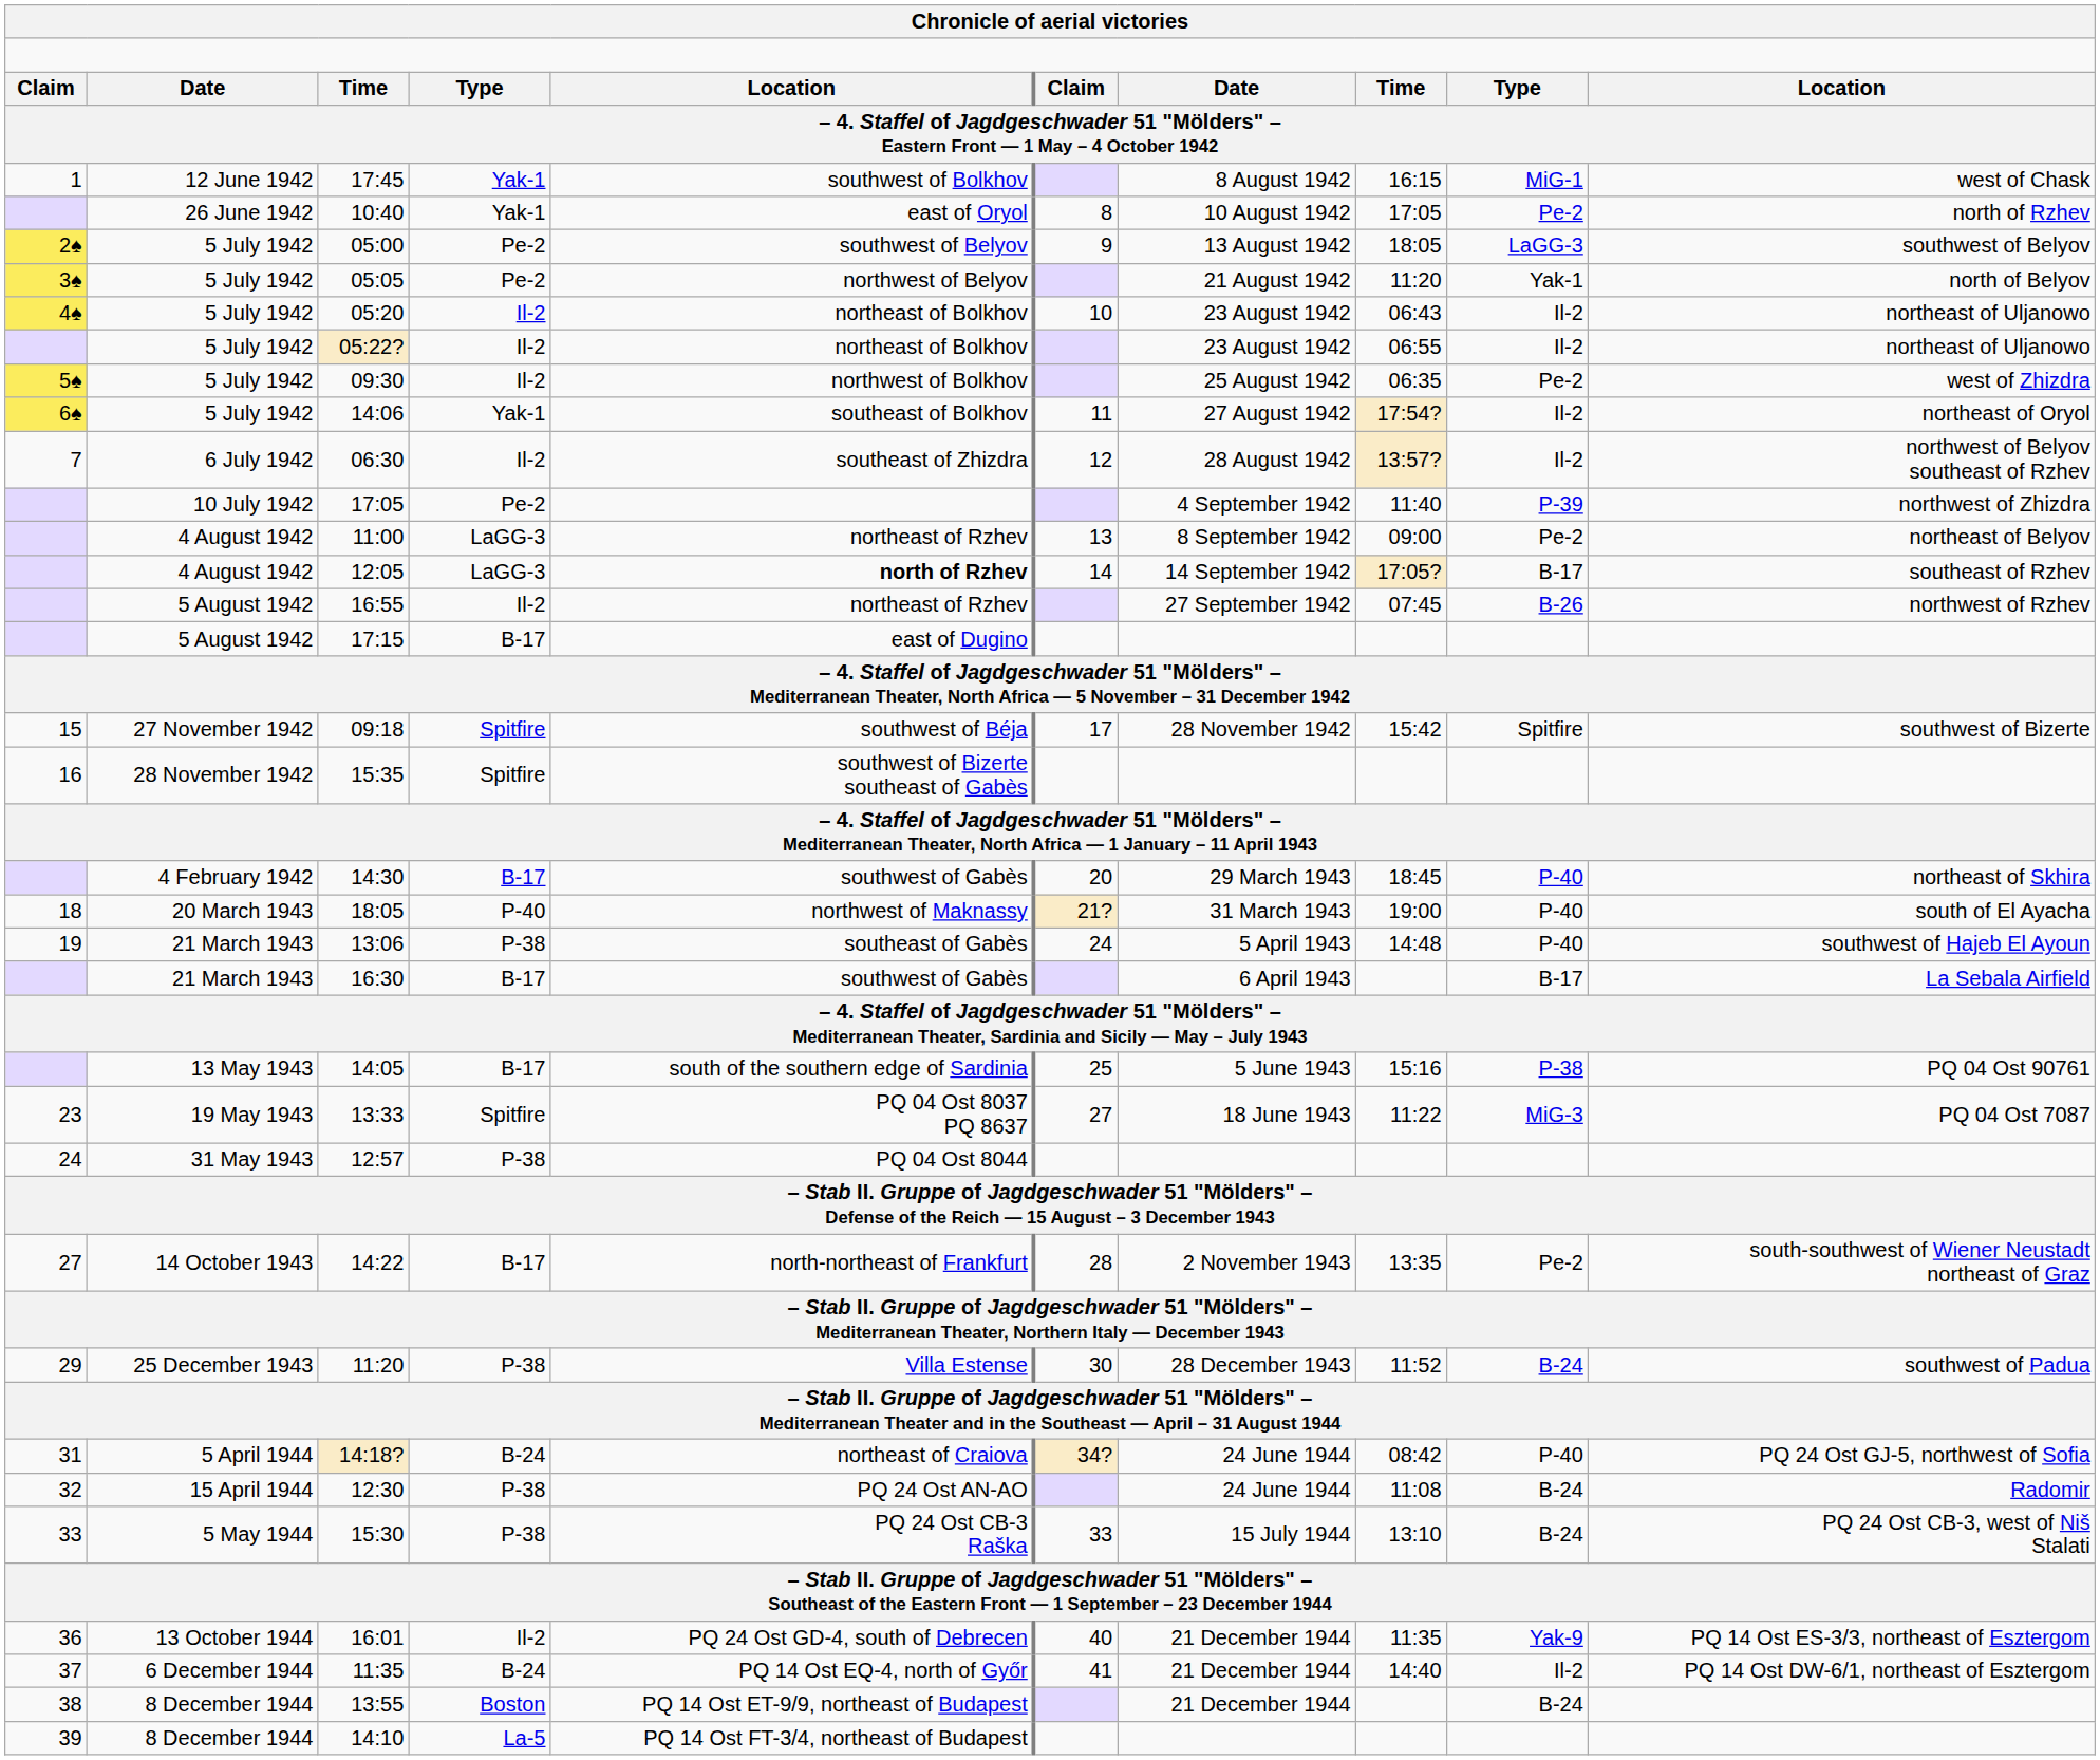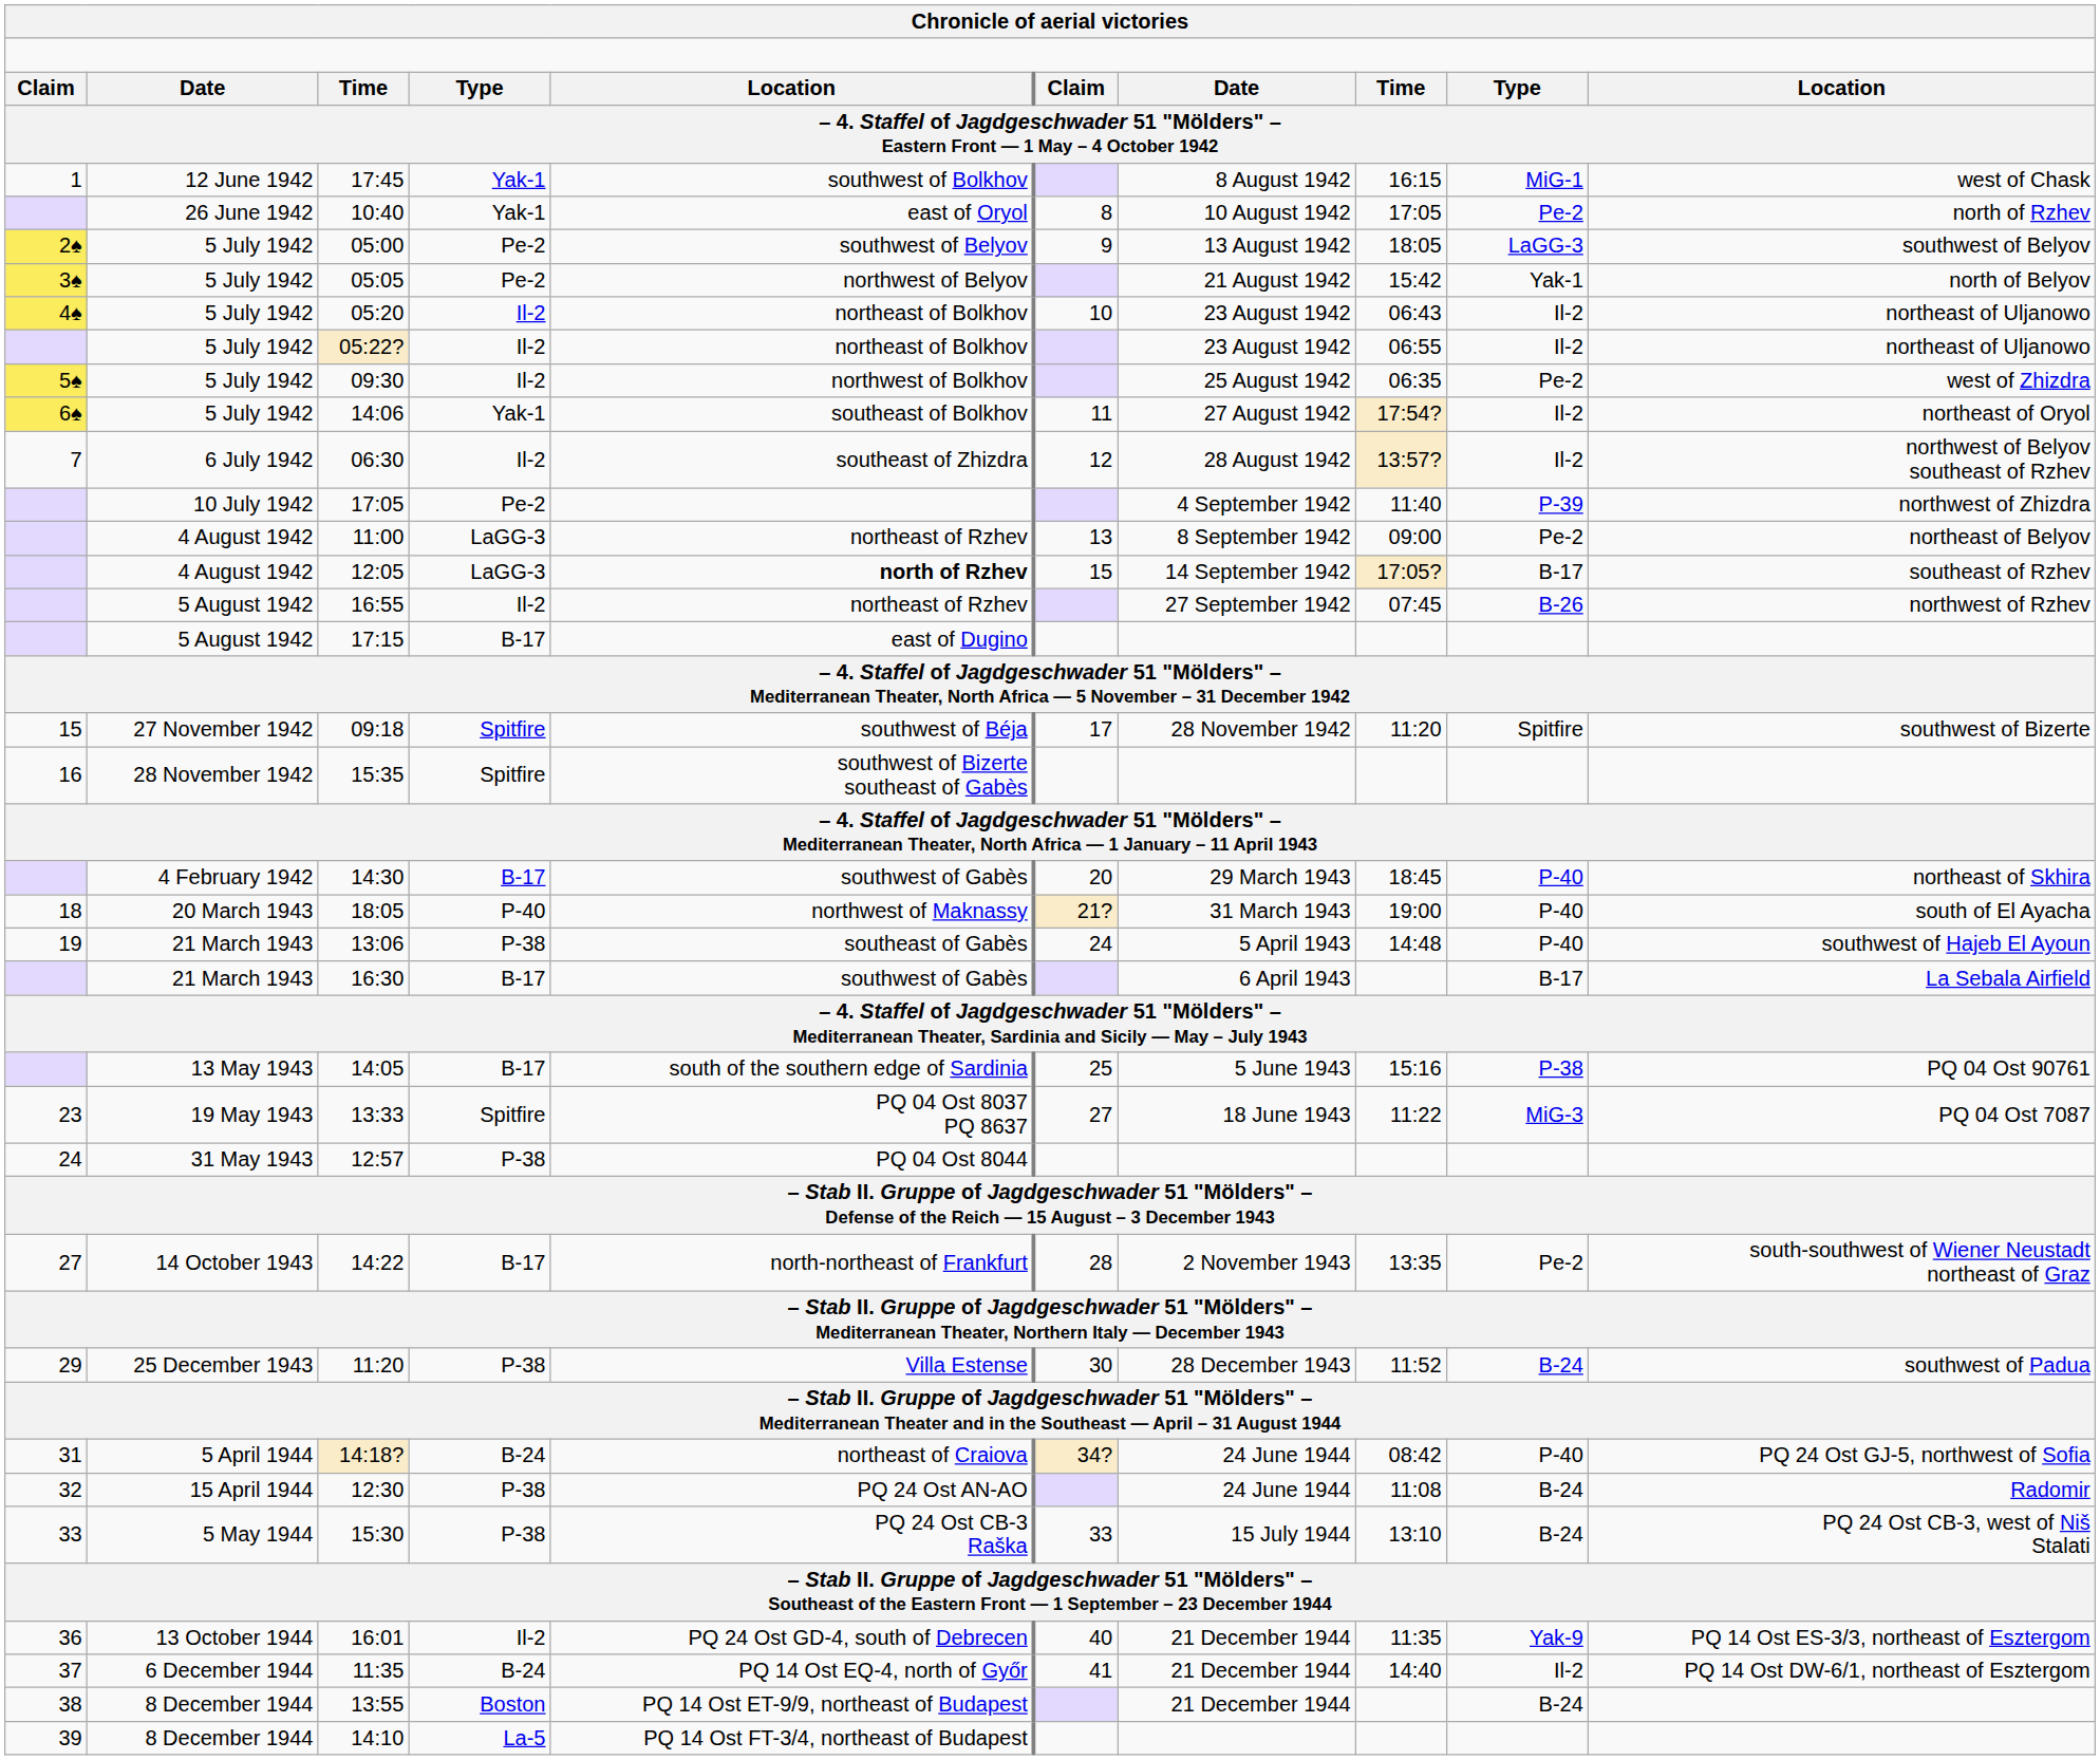 <table class="wikitable plainrowheaders collapsible" style="margin-left: auto; margin-right: auto; border: none; text-align:right; width: 100%;">
 <tr>
 <th colspan="10">Chronicle of aerial victories</th>
 </tr>
 <tr>
 <td colspan="10" style="text-align: left;"><br>  </td>
 </tr>
 <tr>
 <th scope="col">Claim</th>
 <th scope="col">Date</th>
 <th scope="col">Time</th>
 <th scope="col" width="100px">Type</th>
 <th scope="col">Location</th>
 <th scope="col" style="border-left: 3px solid grey;">Claim</th>
 <th scope="col">Date</th>
 <th scope="col">Time</th>
 <th scope="col" width="100px">Type</th>
 <th scope="col">Location</th>
 </tr>
 <tr>
 <th colspan="10">– 4. <em>Staffel</em> of <em>Jagdgeschwader</em> 51 "Mölders" –<br><small>Eastern Front — 1 May – 4 October 1942</small></th>
 </tr>
 <tr>
 <td>1</td>
 <td>12 June 1942</td>
 <td>17:45</td>
 <td><a href='#'>Yak-1</a></td>
 <td> southwest of <a href='#'>Bolkhov</a></td>
 <td style="border-left: 3px solid grey; background:#e3d9ff;"></td>
 <td>8 August 1942</td>
 <td>16:15</td>
 <td><a href='#'>MiG-1</a></td>
 <td>west of Chask</td>
 </tr>
 <tr>
 <td style="background:#e3d9ff;"></td>
 <td>26 June 1942</td>
 <td>10:40</td>
 <td>Yak-1</td>
 <td>east of <a href='#'>Oryol</a></td>
 <td style="border-left: 3px solid grey;">8</td>
 <td>10 August 1942</td>
 <td>17:05</td>
 <td><a href='#'>Pe-2</a></td>
 <td> north of <a href='#'>Rzhev</a></td>
 </tr>
 <tr>
 <td style="background:#fbec5d;">2♠</td>
 <td>5 July 1942</td>
 <td>05:00</td>
 <td>Pe-2</td>
 <td> southwest of <a href='#'>Belyov</a></td>
 <td style="border-left: 3px solid grey;">9</td>
 <td>13 August 1942</td>
 <td>18:05</td>
 <td><a href='#'>LaGG-3</a></td>
 <td> southwest of Belyov</td>
 </tr>
 <tr>
 <td style="background:#fbec5d;">3♠</td>
 <td>5 July 1942</td>
 <td>05:05</td>
 <td>Pe-2</td>
 <td> northwest of Belyov</td>
 <td style="border-left: 3px solid grey; background:#e3d9ff;"></td>
 <td>21 August 1942</td>
-<td>11:20</td>
+<td>15:42</td>
 <td>Yak-1</td>
 <td> north of Belyov</td>
 </tr>
 <tr>
 <td style="background:#fbec5d;">4♠</td>
 <td>5 July 1942</td>
 <td>05:20</td>
 <td><a href='#'>Il-2</a></td>
 <td> northeast of Bolkhov</td>
 <td style="border-left: 3px solid grey;">10</td>
 <td>23 August 1942</td>
 <td>06:43</td>
 <td>Il-2</td>
 <td> northeast of Uljanowo</td>
 </tr>
 <tr>
 <td style="background:#e3d9ff;"></td>
 <td>5 July 1942</td>
 <td style="background:#faecc8">05:22?</td>
 <td>Il-2</td>
 <td> northeast of Bolkhov</td>
 <td style="border-left: 3px solid grey; background:#e3d9ff;"></td>
 <td>23 August 1942</td>
 <td>06:55</td>
 <td>Il-2</td>
 <td>northeast of Uljanowo</td>
 </tr>
 <tr>
 <td style="background:#fbec5d;">5♠</td>
 <td>5 July 1942</td>
 <td>09:30</td>
 <td>Il-2</td>
 <td> northwest of Bolkhov</td>
 <td style="border-left: 3px solid grey; background:#e3d9ff;"></td>
 <td>25 August 1942</td>
 <td>06:35</td>
 <td>Pe-2</td>
 <td>west of <a href='#'>Zhizdra</a></td>
 </tr>
 <tr>
 <td style="background:#fbec5d;">6♠</td>
 <td>5 July 1942</td>
 <td>14:06</td>
 <td>Yak-1</td>
 <td> southeast of Bolkhov</td>
 <td style="border-left: 3px solid grey;">11</td>
 <td>27 August 1942</td>
 <td style="background:#faecc8">17:54?</td>
 <td>Il-2</td>
 <td> northeast of Oryol</td>
 </tr>
 <tr>
 <td>7</td>
 <td>6 July 1942</td>
 <td>06:30</td>
 <td>Il-2</td>
 <td> southeast of Zhizdra</td>
 <td style="border-left: 3px solid grey;">12</td>
 <td>28 August 1942</td>
 <td style="background:#faecc8">13:57?</td>
 <td>Il-2</td>
 <td> northwest of Belyov<br> southeast of Rzhev</td>
 </tr>
 <tr>
 <td style="background:#e3d9ff;"></td>
 <td>10 July 1942</td>
 <td>17:05</td>
 <td>Pe-2</td>
 <td></td>
 <td style="border-left: 3px solid grey; background:#e3d9ff;"></td>
 <td>4 September 1942</td>
 <td>11:40</td>
 <td><a href='#'>P-39</a></td>
 <td>northwest of Zhizdra</td>
 </tr>
 <tr>
 <td style="background:#e3d9ff;"></td>
 <td>4 August 1942</td>
 <td>11:00</td>
 <td>LaGG-3</td>
 <td>northeast of Rzhev</td>
 <td style="border-left: 3px solid grey;">13</td>
 <td>8 September 1942</td>
 <td>09:00</td>
 <td>Pe-2</td>
 <td> northeast of Belyov</td>
 </tr>
 <tr>
 <td style="background:#e3d9ff;"></td>
 <td>4 August 1942</td>
 <td>12:05</td>
 <td>LaGG-3</td>
 <td><strong> north of Rzhev</strong></td>
-<td style="border-left: 3px solid grey;">14</td>
+<td style="border-left: 3px solid grey;">15</td>
 <td>14 September 1942</td>
 <td style="background:#faecc8">17:05?</td>
 <td>B-17</td>
 <td> southeast of Rzhev</td>
 </tr>
 <tr>
 <td style="background:#e3d9ff;"></td>
 <td>5 August 1942</td>
 <td>16:55</td>
 <td>Il-2</td>
 <td> northeast of Rzhev</td>
 <td style="border-left: 3px solid grey; background:#e3d9ff;"></td>
 <td>27 September 1942</td>
 <td>07:45</td>
 <td><a href='#'>B-26</a></td>
 <td> northwest of Rzhev</td>
 </tr>
 <tr>
 <td style="background:#e3d9ff;"></td>
 <td>5 August 1942</td>
 <td>17:15</td>
 <td>B-17</td>
 <td>east of <a href='#'>Dugino</a></td>
 <td style="border-left: 3px solid grey;"></td>
 <td></td>
 <td></td>
 <td></td>
 <td></td>
 </tr>
 <tr>
 <th colspan="10">– 4. <em>Staffel</em> of <em>Jagdgeschwader</em> 51 "Mölders" –<br><small>Mediterranean Theater, North Africa — 5 November – 31 December 1942</small></th>
 </tr>
 <tr>
 <td>15</td>
 <td>27 November 1942</td>
 <td>09:18</td>
 <td><a href='#'>Spitfire</a></td>
 <td> southwest of <a href='#'>Béja</a></td>
 <td style="border-left: 3px solid grey;">17</td>
 <td>28 November 1942</td>
-<td>15:42</td>
+<td>11:20</td>
 <td>Spitfire</td>
 <td> southwest of Bizerte</td>
 </tr>
 <tr>
 <td>16</td>
 <td>28 November 1942</td>
 <td>15:35</td>
 <td>Spitfire</td>
 <td> southwest of <a href='#'>Bizerte</a><br> southeast of <a href='#'>Gabès</a></td>
 <td style="border-left: 3px solid grey;"></td>
 <td></td>
 <td></td>
 <td></td>
 <td></td>
 </tr>
 <tr>
 <th colspan="10">– 4. <em>Staffel</em> of <em>Jagdgeschwader</em> 51 "Mölders" –<br><small>Mediterranean Theater, North Africa — 1 January – 11 April 1943</small></th>
 </tr>
 <tr>
 <td style="background:#e3d9ff;"></td>
 <td>4 February 1942</td>
 <td>14:30</td>
 <td><a href='#'>B-17</a></td>
 <td>southwest of Gabès</td>
 <td style="border-left: 3px solid grey;">20</td>
 <td>29 March 1943</td>
 <td>18:45</td>
 <td><a href='#'>P-40</a></td>
 <td> northeast of <a href='#'>Skhira</a></td>
 </tr>
 <tr>
 <td>18</td>
 <td>20 March 1943</td>
 <td>18:05</td>
 <td>P-40</td>
 <td> northwest of <a href='#'>Maknassy</a></td>
 <td style="border-left: 3px solid grey; background:#faecc8">21?</td>
 <td>31 March 1943</td>
 <td>19:00</td>
 <td>P-40</td>
 <td>south of El Ayacha</td>
 </tr>
 <tr>
 <td>19</td>
 <td>21 March 1943</td>
 <td>13:06</td>
 <td>P-38</td>
 <td> southeast of Gabès</td>
 <td style="border-left: 3px solid grey;">24</td>
 <td>5 April 1943</td>
 <td>14:48</td>
 <td>P-40</td>
 <td> southwest of <a href='#'>Hajeb El Ayoun</a></td>
 </tr>
 <tr>
 <td style="background:#e3d9ff;"></td>
 <td>21 March 1943</td>
 <td>16:30</td>
 <td>B-17</td>
 <td> southwest of Gabès</td>
 <td style="border-left: 3px solid grey; background:#e3d9ff;"></td>
 <td>6 April 1943</td>
 <td></td>
 <td>B-17</td>
 <td><a href='#'>La Sebala Airfield</a></td>
 </tr>
 <tr>
 <th colspan="10">– 4. <em>Staffel</em> of <em>Jagdgeschwader</em> 51 "Mölders" –<br><small>Mediterranean Theater, Sardinia and Sicily — May – July 1943</small></th>
 </tr>
 <tr>
 <td style="background:#e3d9ff;"></td>
 <td>13 May 1943</td>
 <td>14:05</td>
 <td>B-17</td>
 <td> south of the southern edge of <a href='#'>Sardinia</a></td>
 <td style="border-left: 3px solid grey;">25</td>
 <td>5 June 1943</td>
 <td>15:16</td>
 <td><a href='#'>P-38</a></td>
 <td>PQ 04 Ost 90761</td>
 </tr>
 <tr>
 <td>23</td>
 <td>19 May 1943</td>
 <td>13:33</td>
 <td>Spitfire</td>
 <td>PQ 04 Ost 8037<br>PQ 8637</td>
 <td style="border-left: 3px solid grey;">27</td>
 <td>18 June 1943</td>
 <td>11:22</td>
 <td><a href='#'>MiG-3</a></td>
 <td>PQ 04 Ost 7087</td>
 </tr>
 <tr>
 <td>24</td>
 <td>31 May 1943</td>
 <td>12:57</td>
 <td>P-38</td>
 <td>PQ 04 Ost 8044</td>
 <td style="border-left: 3px solid grey;"></td>
 <td></td>
 <td></td>
 <td></td>
 <td></td>
 </tr>
 <tr>
 <th colspan="10">– <em>Stab</em> II. <em>Gruppe</em> of <em>Jagdgeschwader</em> 51 "Mölders" –<br><small>Defense of the Reich — 15 August – 3 December 1943</small></th>
 </tr>
 <tr>
 <td>27</td>
 <td>14 October 1943</td>
 <td>14:22</td>
 <td>B-17</td>
 <td> north-northeast of <a href='#'>Frankfurt</a></td>
 <td style="border-left: 3px solid grey;">28</td>
 <td>2 November 1943</td>
 <td>13:35</td>
 <td>Pe-2</td>
 <td> south-southwest of <a href='#'>Wiener Neustadt</a><br>northeast of <a href='#'>Graz</a></td>
 </tr>
 <tr>
 <th colspan="10">– <em>Stab</em> II. <em>Gruppe</em> of <em>Jagdgeschwader</em> 51 "Mölders" –<br><small>Mediterranean Theater, Northern Italy — December 1943</small></th>
 </tr>
 <tr>
 <td>29</td>
 <td>25 December 1943</td>
 <td>11:20</td>
 <td>P-38</td>
 <td><a href='#'>Villa Estense</a></td>
 <td style="border-left: 3px solid grey;">30</td>
 <td>28 December 1943</td>
 <td>11:52</td>
 <td><a href='#'>B-24</a></td>
 <td> southwest of <a href='#'>Padua</a></td>
 </tr>
 <tr>
 <th colspan="10">– <em>Stab</em> II. <em>Gruppe</em> of <em>Jagdgeschwader</em> 51 "Mölders" –<br><small>Mediterranean Theater and in the Southeast — April – 31 August 1944</small></th>
 </tr>
 <tr>
 <td>31</td>
 <td>5 April 1944</td>
 <td style="background:#faecc8">14:18?</td>
 <td>B-24</td>
 <td> northeast of <a href='#'>Craiova</a></td>
 <td style="border-left: 3px solid grey; background:#faecc8">34?</td>
 <td>24 June 1944</td>
 <td>08:42</td>
 <td>P-40</td>
 <td>PQ 24 Ost GJ-5,  northwest of <a href='#'>Sofia</a></td>
 </tr>
 <tr>
 <td>32</td>
 <td>15 April 1944</td>
 <td>12:30</td>
 <td>P-38</td>
 <td>PQ 24 Ost AN-AO</td>
 <td style="border-left: 3px solid grey; background:#e3d9ff;"></td>
 <td>24 June 1944</td>
 <td>11:08</td>
 <td>B-24</td>
 <td><a href='#'>Radomir</a></td>
 </tr>
 <tr>
 <td>33</td>
 <td>5 May 1944</td>
 <td>15:30</td>
 <td>P-38</td>
 <td>PQ 24 Ost CB-3<br><a href='#'>Raška</a></td>
 <td style="border-left: 3px solid grey;">33</td>
 <td>15 July 1944</td>
 <td>13:10</td>
 <td>B-24</td>
 <td>PQ 24 Ost CB-3,  west of <a href='#'>Niš</a><br>Stalati</td>
 </tr>
 <tr>
 <th colspan="10">– <em>Stab</em> II. <em>Gruppe</em> of <em>Jagdgeschwader</em> 51 "Mölders" –<br><small>Southeast of the Eastern Front — 1 September – 23 December 1944</small></th>
 </tr>
 <tr>
 <td>36</td>
 <td>13 October 1944</td>
 <td>16:01</td>
 <td>Il-2</td>
 <td>PQ 24 Ost GD-4,  south of <a href='#'>Debrecen</a></td>
 <td style="border-left: 3px solid grey;">40</td>
 <td>21 December 1944</td>
 <td>11:35</td>
 <td><a href='#'>Yak-9</a></td>
 <td>PQ 14 Ost ES-3/3,  northeast of <a href='#'>Esztergom</a></td>
 </tr>
 <tr>
 <td>37</td>
 <td>6 December 1944</td>
 <td>11:35</td>
 <td>B-24</td>
 <td>PQ 14 Ost EQ-4,  north of <a href='#'>Győr</a></td>
 <td style="border-left: 3px solid grey;">41</td>
 <td>21 December 1944</td>
 <td>14:40</td>
 <td>Il-2</td>
 <td>PQ 14 Ost DW-6/1,  northeast of Esztergom</td>
 </tr>
 <tr>
 <td>38</td>
 <td>8 December 1944</td>
 <td>13:55</td>
 <td><a href='#'>Boston</a></td>
 <td>PQ 14 Ost ET-9/9,  northeast of <a href='#'>Budapest</a></td>
 <td style="border-left: 3px solid grey; background:#e3d9ff;"></td>
 <td>21 December 1944</td>
 <td></td>
 <td>B-24</td>
 <td></td>
 </tr>
 <tr>
 <td>39</td>
 <td>8 December 1944</td>
 <td>14:10</td>
 <td><a href='#'>La-5</a></td>
 <td>PQ 14 Ost FT-3/4,  northeast of Budapest</td>
 <td style="border-left: 3px solid grey;"></td>
 <td></td>
 <td></td>
 <td></td>
 <td></td>
 </tr>
 </table>
